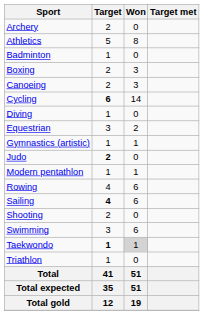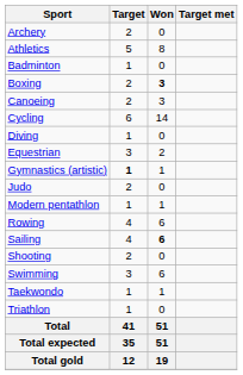 <table class="wikitable sortable" style="font-size:90%">
 <tr>
 <th>Sport</th>
 <th>Target</th>
 <th>Won</th>
 <th>Target met</th>
 </tr>
 <tr>
 <td><a href='#'>Archery</a></td>
 <td align="center">2</td>
 <td align="center">0</td>
 <td align="center"></td>
 </tr>
 <tr>
 <td><a href='#'>Athletics</a></td>
 <td align="center">5</td>
 <td align="center">8</td>
 <td align="center"></td>
 </tr>
 <tr>
 <td><a href='#'>Badminton</a></td>
 <td align="center">1</td>
 <td align="center">0</td>
 <td align="center"></td>
 </tr>
 <tr>
 <td><a href='#'>Boxing</a></td>
 <td align="center">2</td>
-<td align="center">3</td>
+<td align="center"><strong>3</strong></td>
 <td align="center"></td>
 </tr>
 <tr>
 <td><a href='#'>Canoeing</a></td>
 <td align="center">2</td>
 <td align="center">3</td>
 <td align="center"></td>
 </tr>
 <tr>
 <td><a href='#'>Cycling</a></td>
-<td align="center"><strong>6</strong></td>
+<td align="center">6</td>
 <td align="center">14</td>
 <td align="center"></td>
 </tr>
 <tr>
 <td><a href='#'>Diving</a></td>
 <td align="center">1</td>
 <td align="center">0</td>
 <td align="center"></td>
 </tr>
 <tr>
 <td><a href='#'>Equestrian</a></td>
 <td align="center">3</td>
 <td align="center">2</td>
 <td align="center"></td>
 </tr>
 <tr>
 <td><a href='#'>Gymnastics (artistic)</a></td>
-<td align="center">1</td>
+<td align="center"><strong>1</strong></td>
 <td align="center">1</td>
 <td align="center"></td>
 </tr>
 <tr>
 <td><a href='#'>Judo</a></td>
-<td align="center"><strong>2</strong></td>
+<td align="center">2</td>
 <td align="center">0</td>
 <td align="center"></td>
 </tr>
 <tr>
 <td><a href='#'>Modern pentathlon</a></td>
 <td align="center">1</td>
 <td align="center">1</td>
 <td align="center"></td>
 </tr>
 <tr>
 <td><a href='#'>Rowing</a></td>
 <td align="center">4</td>
 <td align="center">6</td>
 <td align="center"></td>
 </tr>
 <tr>
 <td><a href='#'>Sailing</a></td>
-<td align="center"><strong>4</strong></td>
-<td align="center">6</td>
+<td align="center">4</td>
+<td align="center"><strong>6</strong></td>
 <td align="center"></td>
 </tr>
 <tr>
 <td><a href='#'>Shooting</a></td>
 <td align="center">2</td>
 <td align="center">0</td>
 <td align="center"></td>
 </tr>
 <tr>
 <td><a href='#'>Swimming</a></td>
 <td align="center">3</td>
 <td align="center">6</td>
 <td align="center"></td>
 </tr>
 <tr>
 <td><a href='#'>Taekwondo</a></td>
-<td align="center"><strong>1</strong></td>
-<td align="center" style="background: lightgrey;">1</td>
+<td align="center">1</td>
+<td align="center">1</td>
 <td align="center"></td>
 </tr>
 <tr>
 <td><a href='#'>Triathlon</a></td>
 <td align="center">1</td>
 <td align="center">0</td>
 <td align="center"></td>
 </tr>
 <tr class="sortbottom">
 <th>Total</th>
 <th align="center">41</th>
 <th align="center">51</th>
 <th align="center"></th>
 </tr>
 <tr class="sortbottom">
 <th>Total expected</th>
 <th align="center">35</th>
 <th align="center">51</th>
 <th align="center"></th>
 </tr>
 <tr class="sortbottom">
 <th>Total gold</th>
 <th align="center">12</th>
 <th align="center">19</th>
 <th align="center"></th>
 </tr>
 <tr class="sortbottom">
 </tr>
 </table>
